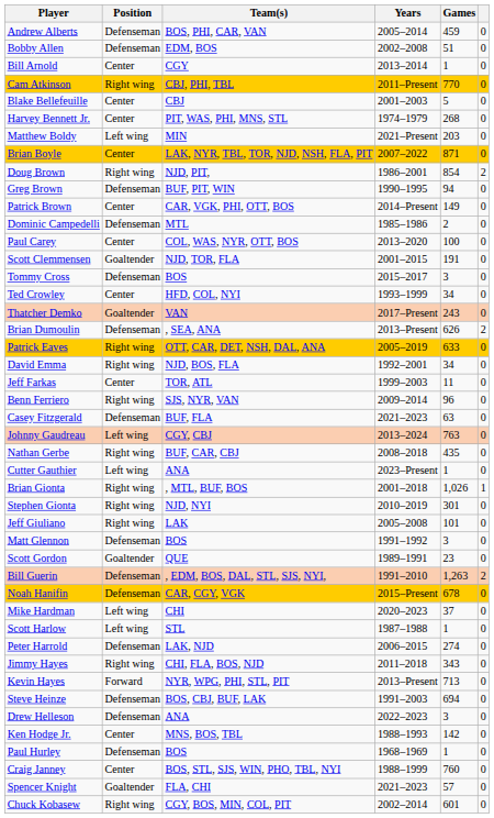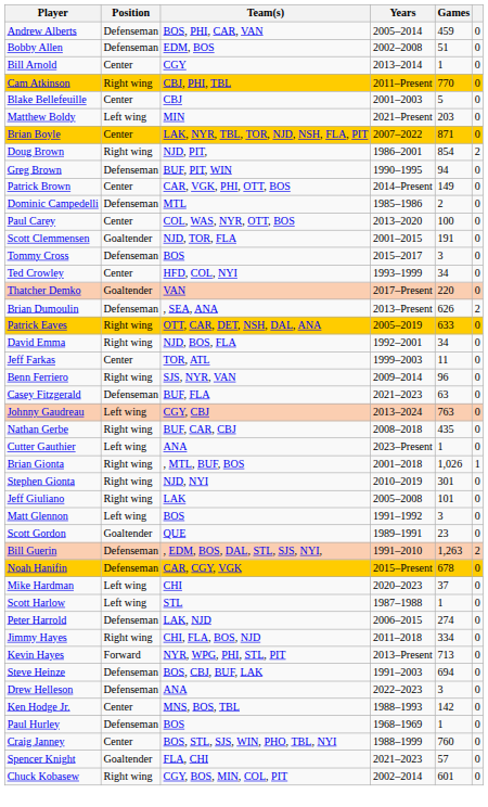 <table class="wikitable sortable">
 <tr>
 <th>Player</th>
 <th>Position</th>
 <th>Team(s)</th>
 <th>Years</th>
 <th>Games</th>
 <th><a href='#'></a></th>
 </tr>
 <tr>
 <td><a href='#'>Andrew Alberts</a></td>
 <td>Defenseman</td>
 <td><a href='#'>BOS</a>, <a href='#'>PHI</a>, <a href='#'>CAR</a>, <a href='#'>VAN</a></td>
 <td>2005–2014</td>
 <td>459</td>
 <td>0</td>
 </tr>
 <tr>
 <td><a href='#'>Bobby Allen</a></td>
 <td>Defenseman</td>
 <td><a href='#'>EDM</a>, <a href='#'>BOS</a></td>
 <td>2002–2008</td>
 <td>51</td>
 <td>0</td>
 </tr>
 <tr>
 <td><a href='#'>Bill Arnold</a></td>
 <td>Center</td>
 <td><a href='#'>CGY</a></td>
 <td>2013–2014</td>
 <td>1</td>
 <td>0</td>
 </tr>
 <tr bgcolor=FFCC00>
 <td><a href='#'>Cam Atkinson</a></td>
 <td>Right wing</td>
 <td><a href='#'>CBJ</a>, <a href='#'>PHI</a>, <a href='#'>TBL</a></td>
 <td>2011–Present</td>
 <td>770</td>
 <td>0</td>
 </tr>
 <tr>
 <td><a href='#'>Blake Bellefeuille</a></td>
 <td>Center</td>
 <td><a href='#'>CBJ</a></td>
 <td>2001–2003</td>
 <td>5</td>
-<td>0</td>
-</tr>
-<tr>
-<td><a href='#'>Harvey Bennett Jr.</a></td>
-<td>Center</td>
-<td><a href='#'>PIT</a>, <a href='#'>WAS</a>, <a href='#'>PHI</a>, <a href='#'>MNS</a>, <a href='#'>STL</a></td>
-<td>1974–1979</td>
-<td>268</td>
 <td>0</td>
 </tr>
 <tr>
 <td><a href='#'>Matthew Boldy</a></td>
 <td>Left wing</td>
 <td><a href='#'>MIN</a></td>
 <td>2021–Present</td>
 <td>203</td>
 <td>0</td>
 </tr>
 <tr bgcolor=FFCC00>
 <td><a href='#'>Brian Boyle</a></td>
 <td>Center</td>
 <td><a href='#'>LAK</a>, <a href='#'>NYR</a>, <a href='#'>TBL</a>, <a href='#'>TOR</a>, <a href='#'>NJD</a>, <a href='#'>NSH</a>, <a href='#'>FLA</a>, <a href='#'>PIT</a></td>
 <td>2007–2022</td>
 <td>871</td>
 <td>0</td>
 </tr>
 <tr>
 <td><a href='#'>Doug Brown</a></td>
 <td>Right wing</td>
 <td><a href='#'>NJD</a>, <a href='#'>PIT</a>, <span><strong></strong></span></td>
 <td>1986–2001</td>
 <td>854</td>
 <td>2</td>
 </tr>
 <tr>
 <td><a href='#'>Greg Brown</a></td>
 <td>Defenseman</td>
 <td><a href='#'>BUF</a>, <a href='#'>PIT</a>, <a href='#'>WIN</a></td>
 <td>1990–1995</td>
 <td>94</td>
 <td>0</td>
 </tr>
 <tr>
 <td><a href='#'>Patrick Brown</a></td>
 <td>Center</td>
 <td><a href='#'>CAR</a>, <a href='#'>VGK</a>, <a href='#'>PHI</a>, <a href='#'>OTT</a>, <a href='#'>BOS</a></td>
 <td>2014–Present</td>
 <td>149</td>
 <td>0</td>
 </tr>
 <tr>
 <td><a href='#'>Dominic Campedelli</a></td>
 <td>Defenseman</td>
 <td><a href='#'>MTL</a></td>
 <td>1985–1986</td>
 <td>2</td>
 <td>0</td>
 </tr>
 <tr>
 <td><a href='#'>Paul Carey</a></td>
 <td>Center</td>
 <td><a href='#'>COL</a>, <a href='#'>WAS</a>, <a href='#'>NYR</a>, <a href='#'>OTT</a>, <a href='#'>BOS</a></td>
 <td>2013–2020</td>
 <td>100</td>
 <td>0</td>
 </tr>
 <tr>
 <td><a href='#'>Scott Clemmensen</a></td>
 <td>Goaltender</td>
 <td><a href='#'>NJD</a>, <a href='#'>TOR</a>, <a href='#'>FLA</a></td>
 <td>2001–2015</td>
 <td>191</td>
 <td>0</td>
 </tr>
 <tr>
 <td><a href='#'>Tommy Cross</a></td>
 <td>Defenseman</td>
 <td><a href='#'>BOS</a></td>
 <td>2015–2017</td>
 <td>3</td>
 <td>0</td>
 </tr>
 <tr>
 <td><a href='#'>Ted Crowley</a></td>
 <td>Center</td>
 <td><a href='#'>HFD</a>, <a href='#'>COL</a>, <a href='#'>NYI</a></td>
 <td>1993–1999</td>
 <td>34</td>
 <td>0</td>
 </tr>
 <tr bgcolor=FBCEB1>
 <td><a href='#'>Thatcher Demko</a></td>
 <td>Goaltender</td>
 <td><a href='#'>VAN</a></td>
 <td>2017–Present</td>
-<td>243</td>
+<td>220</td>
 <td>0</td>
 </tr>
 <tr>
 <td><a href='#'>Brian Dumoulin</a></td>
 <td>Defenseman</td>
 <td><span><strong></strong></span>, <a href='#'>SEA</a>, <a href='#'>ANA</a></td>
 <td>2013–Present</td>
 <td>626</td>
 <td>2</td>
 </tr>
 <tr bgcolor=FFCC00>
 <td><a href='#'>Patrick Eaves</a></td>
 <td>Right wing</td>
 <td><a href='#'>OTT</a>, <a href='#'>CAR</a>, <a href='#'>DET</a>, <a href='#'>NSH</a>, <a href='#'>DAL</a>, <a href='#'>ANA</a></td>
 <td>2005–2019</td>
 <td>633</td>
 <td>0</td>
 </tr>
 <tr>
 <td><a href='#'>David Emma</a></td>
 <td>Right wing</td>
 <td><a href='#'>NJD</a>, <a href='#'>BOS</a>, <a href='#'>FLA</a></td>
 <td>1992–2001</td>
 <td>34</td>
 <td>0</td>
 </tr>
 <tr>
 <td><a href='#'>Jeff Farkas</a></td>
 <td>Center</td>
 <td><a href='#'>TOR</a>, <a href='#'>ATL</a></td>
 <td>1999–2003</td>
 <td>11</td>
 <td>0</td>
 </tr>
 <tr>
 <td><a href='#'>Benn Ferriero</a></td>
 <td>Right wing</td>
 <td><a href='#'>SJS</a>, <a href='#'>NYR</a>, <a href='#'>VAN</a></td>
 <td>2009–2014</td>
 <td>96</td>
 <td>0</td>
 </tr>
 <tr>
 <td><a href='#'>Casey Fitzgerald</a></td>
 <td>Defenseman</td>
 <td><a href='#'>BUF</a>, <a href='#'>FLA</a></td>
 <td>2021–2023</td>
 <td>63</td>
 <td>0</td>
 </tr>
 <tr bgcolor=FBCEB1>
 <td><a href='#'>Johnny Gaudreau</a></td>
 <td>Left wing</td>
 <td><a href='#'>CGY</a>, <a href='#'>CBJ</a></td>
 <td>2013–2024</td>
 <td>763</td>
 <td>0</td>
 </tr>
 <tr>
 <td><a href='#'>Nathan Gerbe</a></td>
 <td>Right wing</td>
 <td><a href='#'>BUF</a>, <a href='#'>CAR</a>, <a href='#'>CBJ</a></td>
 <td>2008–2018</td>
 <td>435</td>
 <td>0</td>
 </tr>
 <tr>
 <td><a href='#'>Cutter Gauthier</a></td>
 <td>Left wing</td>
 <td><a href='#'>ANA</a></td>
 <td>2023–Present</td>
 <td>1</td>
 <td>0</td>
 </tr>
 <tr>
 <td><a href='#'>Brian Gionta</a></td>
 <td>Right wing</td>
 <td><span><strong></strong></span>, <a href='#'>MTL</a>, <a href='#'>BUF</a>, <a href='#'>BOS</a></td>
 <td>2001–2018</td>
 <td>1,026</td>
 <td>1</td>
 </tr>
 <tr>
 <td><a href='#'>Stephen Gionta</a></td>
 <td>Right wing</td>
 <td><a href='#'>NJD</a>, <a href='#'>NYI</a></td>
 <td>2010–2019</td>
 <td>301</td>
 <td>0</td>
 </tr>
 <tr>
 <td><a href='#'>Jeff Giuliano</a></td>
 <td>Right wing</td>
 <td><a href='#'>LAK</a></td>
 <td>2005–2008</td>
 <td>101</td>
 <td>0</td>
 </tr>
 <tr>
 <td><a href='#'>Matt Glennon</a></td>
-<td>Defenseman</td>
+<td>Left wing</td>
 <td><a href='#'>BOS</a></td>
 <td>1991–1992</td>
 <td>3</td>
 <td>0</td>
 </tr>
 <tr>
 <td><a href='#'>Scott Gordon</a></td>
 <td>Goaltender</td>
 <td><a href='#'>QUE</a></td>
 <td>1989–1991</td>
 <td>23</td>
 <td>0</td>
 </tr>
 <tr bgcolor=FBCEB1>
 <td><a href='#'>Bill Guerin</a></td>
 <td>Defenseman</td>
 <td><span><strong></strong></span>, <a href='#'>EDM</a>, <a href='#'>BOS</a>, <a href='#'>DAL</a>, <a href='#'>STL</a>, <a href='#'>SJS</a>, <a href='#'>NYI</a>, <span><strong></strong></span></td>
 <td>1991–2010</td>
 <td>1,263</td>
 <td>2</td>
 </tr>
 <tr bgcolor=FFCC00>
 <td><a href='#'>Noah Hanifin</a></td>
 <td>Defenseman</td>
 <td><a href='#'>CAR</a>, <a href='#'>CGY</a>, <a href='#'>VGK</a></td>
 <td>2015–Present</td>
 <td>678</td>
 <td>0</td>
 </tr>
 <tr>
 <td><a href='#'>Mike Hardman</a></td>
 <td>Left wing</td>
 <td><a href='#'>CHI</a></td>
 <td>2020–2023</td>
 <td>37</td>
 <td>0</td>
 </tr>
 <tr>
 <td><a href='#'>Scott Harlow</a></td>
 <td>Left wing</td>
 <td><a href='#'>STL</a></td>
 <td>1987–1988</td>
 <td>1</td>
 <td>0</td>
 </tr>
 <tr>
 <td><a href='#'>Peter Harrold</a></td>
 <td>Defenseman</td>
 <td><a href='#'>LAK</a>, <a href='#'>NJD</a></td>
 <td>2006–2015</td>
 <td>274</td>
 <td>0</td>
 </tr>
 <tr>
 <td><a href='#'>Jimmy Hayes</a></td>
 <td>Right wing</td>
 <td><a href='#'>CHI</a>, <a href='#'>FLA</a>, <a href='#'>BOS</a>, <a href='#'>NJD</a></td>
 <td>2011–2018</td>
-<td>343</td>
+<td>334</td>
 <td>0</td>
 </tr>
 <tr>
 <td><a href='#'>Kevin Hayes</a></td>
 <td>Forward</td>
 <td><a href='#'>NYR</a>, <a href='#'>WPG</a>, <a href='#'>PHI</a>, <a href='#'>STL</a>, <a href='#'>PIT</a></td>
 <td>2013–Present</td>
 <td>713</td>
 <td>0</td>
 </tr>
 <tr>
 <td><a href='#'>Steve Heinze</a></td>
 <td>Defenseman</td>
 <td><a href='#'>BOS</a>, <a href='#'>CBJ</a>, <a href='#'>BUF</a>, <a href='#'>LAK</a></td>
 <td>1991–2003</td>
 <td>694</td>
 <td>0</td>
 </tr>
 <tr>
 <td><a href='#'>Drew Helleson</a></td>
 <td>Defenseman</td>
 <td><a href='#'>ANA</a></td>
 <td>2022–2023</td>
 <td>3</td>
 <td>0</td>
 </tr>
 <tr>
 <td><a href='#'>Ken Hodge Jr.</a></td>
 <td>Center</td>
 <td><a href='#'>MNS</a>, <a href='#'>BOS</a>, <a href='#'>TBL</a></td>
 <td>1988–1993</td>
 <td>142</td>
 <td>0</td>
 </tr>
 <tr>
 <td><a href='#'>Paul Hurley</a></td>
 <td>Defenseman</td>
 <td><a href='#'>BOS</a></td>
 <td>1968–1969</td>
 <td>1</td>
 <td>0</td>
 </tr>
 <tr>
 <td><a href='#'>Craig Janney</a></td>
 <td>Center</td>
 <td><a href='#'>BOS</a>, <a href='#'>STL</a>, <a href='#'>SJS</a>, <a href='#'>WIN</a>, <a href='#'>PHO</a>, <a href='#'>TBL</a>, <a href='#'>NYI</a></td>
 <td>1988–1999</td>
 <td>760</td>
 <td>0</td>
 </tr>
 <tr>
 <td><a href='#'>Spencer Knight</a></td>
 <td>Goaltender</td>
 <td><a href='#'>FLA</a>, <a href='#'>CHI</a></td>
 <td>2021–2023</td>
 <td>57</td>
 <td>0</td>
 </tr>
 <tr>
 <td><a href='#'>Chuck Kobasew</a></td>
 <td>Right wing</td>
 <td><a href='#'>CGY</a>, <a href='#'>BOS</a>, <a href='#'>MIN</a>, <a href='#'>COL</a>, <a href='#'>PIT</a></td>
 <td>2002–2014</td>
 <td>601</td>
 <td>0</td>
 </tr>
 </table>
